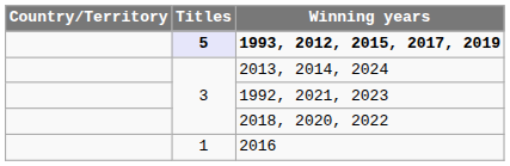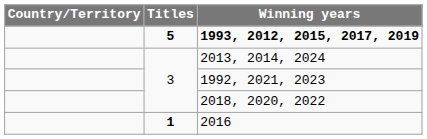 <table class="wikitable sortable" style="font-size: 92%;">
 <tr>
 <th style="background-color:#787878;color:#FFFFFF;">Country/Territory</th>
 <th style="background-color:#787878;color:#FFFFFF;">Titles</th>
 <th style="background-color:#787878;color:#FFFFFF;">Winning years</th>
 </tr>
 <tr>
 <td><strong></strong></td>
-<td rowspan="1" align="center" style="background: lavender;"><strong>5</strong></td>
+<td rowspan="1" align="center"><strong>5</strong></td>
 <td><strong>1993, 2012, 2015, 2017, 2019</strong></td>
 </tr>
 <tr>
 <td></td>
 <td rowspan="3" align="center">3</td>
 <td>2013, 2014, 2024</td>
 </tr>
 <tr>
 <td></td>
 <td>1992, 2021, 2023</td>
 </tr>
 <tr>
 <td></td>
 <td>2018, 2020, 2022</td>
 </tr>
 <tr>
 <td></td>
-<td rowspan="1" align="center">1</td>
+<td rowspan="1" align="center"><strong>1</strong></td>
 <td>2016</td>
 </tr>
 </table>
